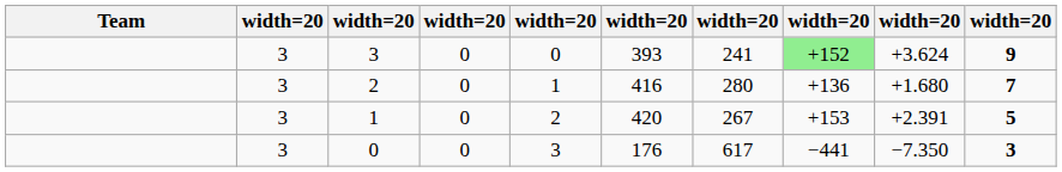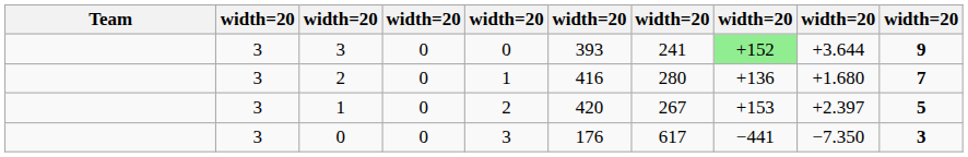 <table class="wikitable" border="1" style="text-align:center;">
 <tr>
 <th width=175>Team</th>
 <th>width=20</th>
 <th>width=20</th>
 <th>width=20</th>
 <th>width=20</th>
 <th>width=20</th>
 <th>width=20</th>
 <th>width=20</th>
 <th>width=20</th>
 <th>width=20</th>
 </tr>
 <tr>
 <td align=left></td>
 <td>3</td>
 <td>3</td>
 <td>0</td>
 <td>0</td>
 <td>393</td>
 <td>241</td>
 <td style="background: lightgreen;">+152</td>
-<td>+3.624</td>
+<td>+3.644</td>
 <td><strong>9</strong></td>
 </tr>
 <tr>
 <td align=left></td>
 <td>3</td>
 <td>2</td>
 <td>0</td>
 <td>1</td>
 <td>416</td>
 <td>280</td>
 <td>+136</td>
 <td>+1.680</td>
 <td><strong>7</strong></td>
 </tr>
 <tr>
 <td align=left></td>
 <td>3</td>
 <td>1</td>
 <td>0</td>
 <td>2</td>
 <td>420</td>
 <td>267</td>
 <td>+153</td>
-<td>+2.391</td>
+<td>+2.397</td>
 <td><strong>5</strong></td>
 </tr>
 <tr>
 <td align=left></td>
 <td>3</td>
 <td>0</td>
 <td>0</td>
 <td>3</td>
 <td>176</td>
 <td>617</td>
 <td>−441</td>
 <td>−7.350</td>
 <td><strong>3</strong></td>
 </tr>
 </table>
